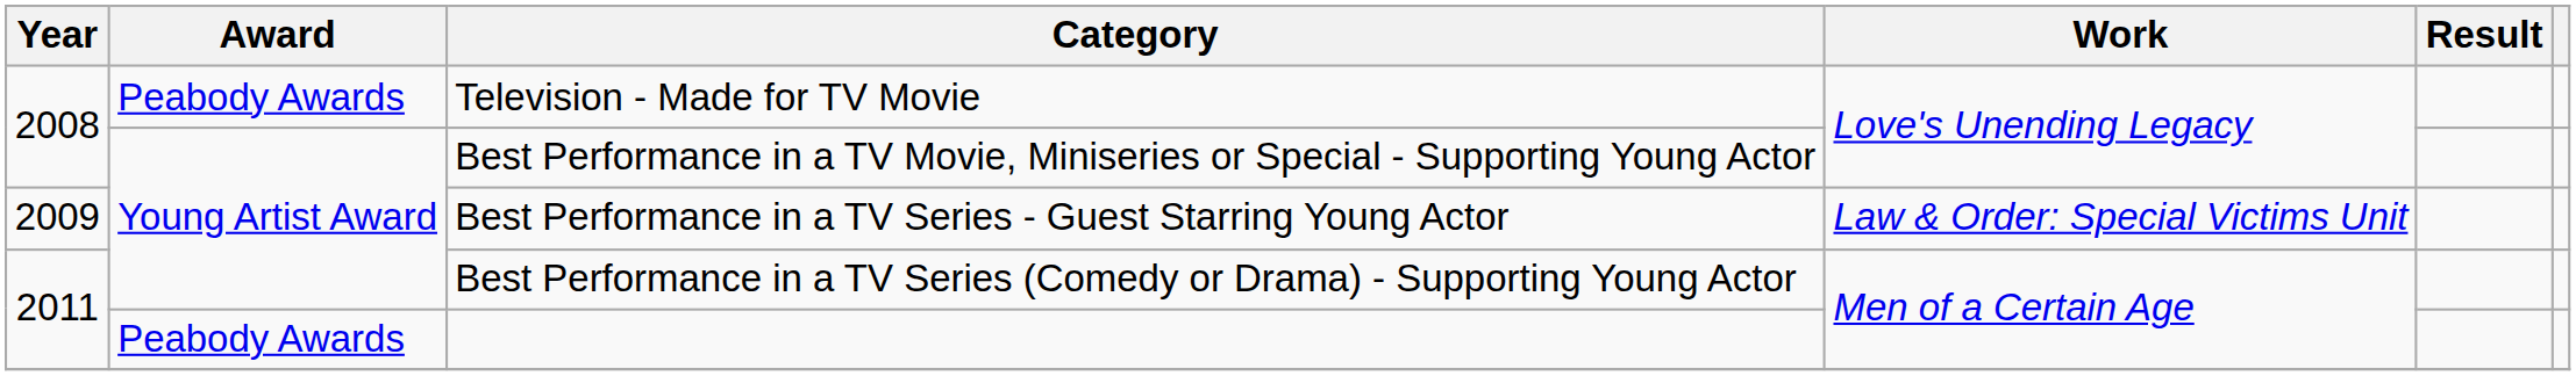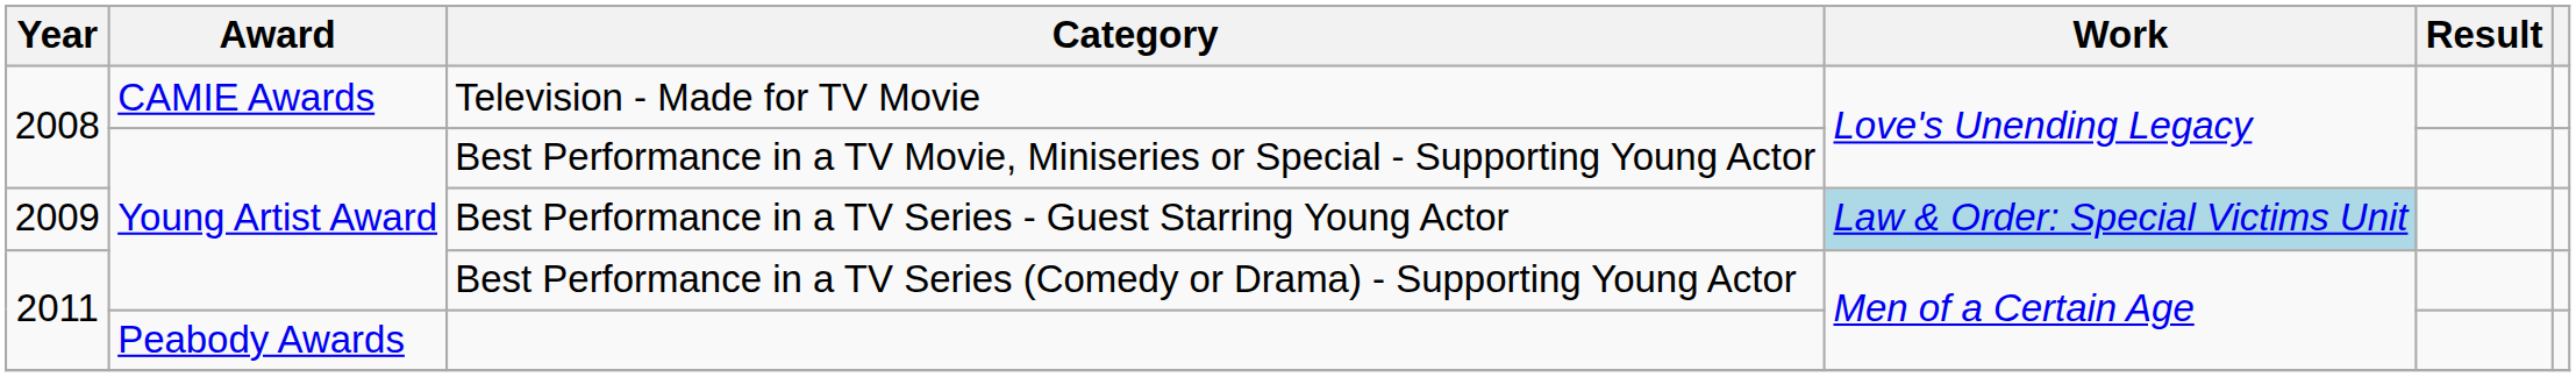 <table class="wikitable sortable">
 <tr>
 <th scope="col">Year</th>
 <th scope="col">Award</th>
 <th scope="col">Category</th>
 <th scope="col">Work</th>
 <th scope="col">Result</th>
 <th scope="col" class="unsortable"></th>
 </tr>
 <tr>
 <td style="text-align:center;" rowspan="2">2008</td>
-<td><a href='#'>Peabody Awards</a></td>
+<td><a href='#'>CAMIE Awards</a></td>
 <td>Television - Made for TV Movie</td>
 <td rowspan="2"><em><a href='#'>Love's Unending Legacy</a></em></td>
 <td></td>
 <td></td>
 </tr>
 <tr>
 <td rowspan="3"><a href='#'>Young Artist Award</a></td>
 <td>Best Performance in a TV Movie, Miniseries or Special - Supporting Young Actor</td>
 <td></td>
 <td style="text-align:center;"></td>
 </tr>
 <tr>
 <td style="text-align:center;">2009</td>
 <td>Best Performance in a TV Series - Guest Starring Young Actor</td>
-<td><em><a href='#'>Law & Order: Special Victims Unit</a></em></td>
+<td style="background: lightblue;"><em><a href='#'>Law & Order: Special Victims Unit</a></em></td>
 <td></td>
 <td style="text-align:center;"></td>
 </tr>
 <tr>
 <td style="text-align:center;" rowspan="2">2011</td>
 <td>Best Performance in a TV Series (Comedy or Drama) - Supporting Young Actor</td>
 <td rowspan="2"><em><a href='#'>Men of a Certain Age</a></em></td>
 <td></td>
 <td style="text-align:center;"></td>
 </tr>
 <tr>
 <td><a href='#'>Peabody Awards</a></td>
 <td></td>
 <td></td>
 <td style="text-align:center;"></td>
 </tr>
 <tr>
 </tr>
 </table>
